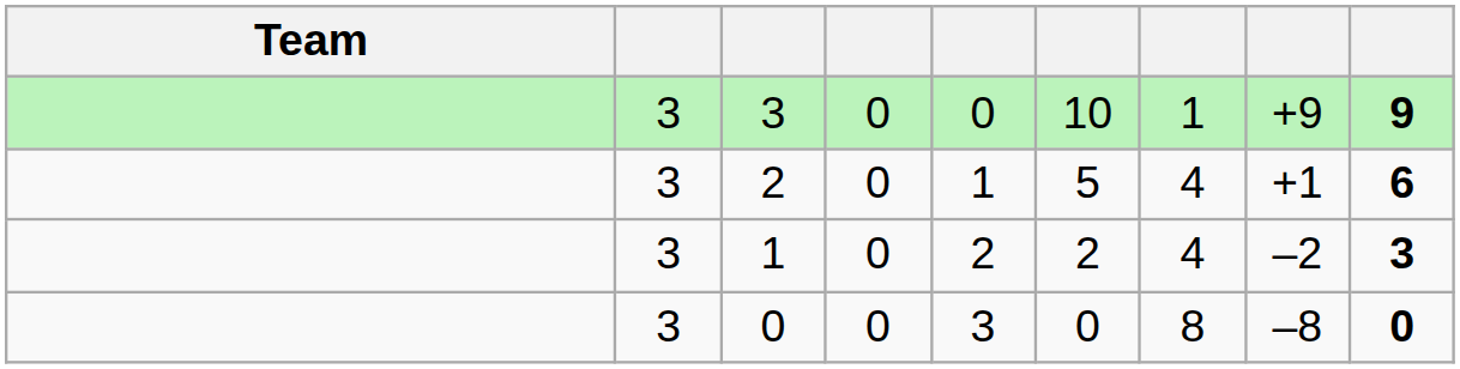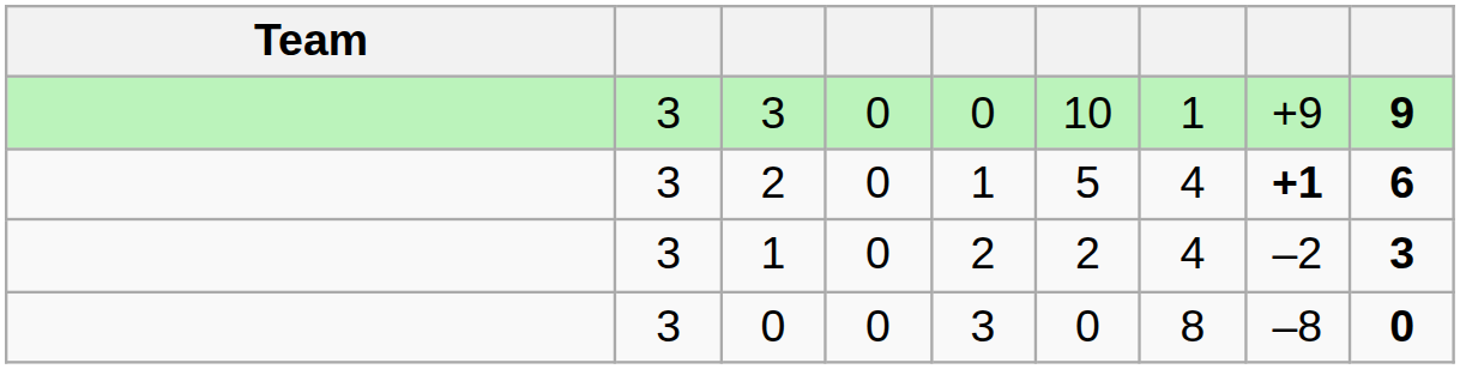 <table class="wikitable" style="text-align: center;">
 <tr>
 <th width=210>Team</th>
 <th width=30></th>
 <th width=30></th>
 <th width=30></th>
 <th width=30></th>
 <th width=30></th>
 <th width=30></th>
 <th width=30></th>
 <th width=30></th>
 </tr>
 <tr style="background:#bbf3bb;">
 <td align=left></td>
 <td>3</td>
 <td>3</td>
 <td>0</td>
 <td>0</td>
 <td>10</td>
 <td>1</td>
 <td>+9</td>
 <td><strong>9</strong></td>
 </tr>
 <tr>
 <td align=left></td>
 <td>3</td>
 <td>2</td>
 <td>0</td>
 <td>1</td>
 <td>5</td>
 <td>4</td>
-<td>+1</td>
+<td><strong>+1</strong></td>
 <td><strong>6</strong></td>
 </tr>
 <tr>
 <td align=left></td>
 <td>3</td>
 <td>1</td>
 <td>0</td>
 <td>2</td>
 <td>2</td>
 <td>4</td>
 <td>–2</td>
 <td><strong>3</strong></td>
 </tr>
 <tr>
 <td align=left></td>
 <td>3</td>
 <td>0</td>
 <td>0</td>
 <td>3</td>
 <td>0</td>
 <td>8</td>
 <td>–8</td>
 <td><strong>0</strong></td>
 </tr>
 </table>
